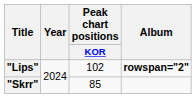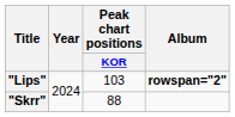 <table class="wikitable plainrowheaders" style="text-align:center">
 <tr>
 <th scope="col" rowspan="2">Title</th>
 <th scope="col" rowspan="2">Year</th>
 <th scope="col" colspan="1">Peak chart<br>positions</th>
 <th scope="col" rowspan="2">Album</th>
 </tr>
 <tr>
 <th scope="col" style="font-size:90%; width:3em"><a href='#'>KOR</a><br></th>
 </tr>
 <tr>
 <th scope="row">"Lips"<br></th>
 <td rowspan="2">2024</td>
-<td>102</td>
+<td>103</td>
 <td><strong>rowspan="2" </strong></td>
 </tr>
 <tr>
 <th scope="row">"Skrr"<br></th>
-<td>85</td>
+<td>88</td>
 </tr>
 </table>
